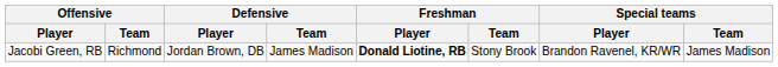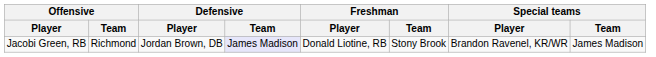 <table class="wikitable" border="1">
 <tr>
 <th colspan="2">Offensive</th>
 <th colspan="2">Defensive</th>
 <th colspan="2">Freshman</th>
 <th colspan="2">Special teams</th>
 </tr>
 <tr>
 <th>Player</th>
 <th>Team</th>
 <th>Player</th>
 <th>Team</th>
 <th>Player</th>
 <th>Team</th>
 <th>Player</th>
 <th>Team</th>
 </tr>
 <tr>
 <td>Jacobi Green, RB</td>
 <td>Richmond</td>
 <td>Jordan Brown, DB</td>
-<td>James Madison</td>
-<td><strong>Donald Liotine, RB</strong></td>
+<td style="background: lavender;">James Madison</td>
+<td>Donald Liotine, RB</td>
 <td>Stony Brook</td>
 <td>Brandon Ravenel, KR/WR</td>
 <td>James Madison</td>
 </tr>
 </table>
